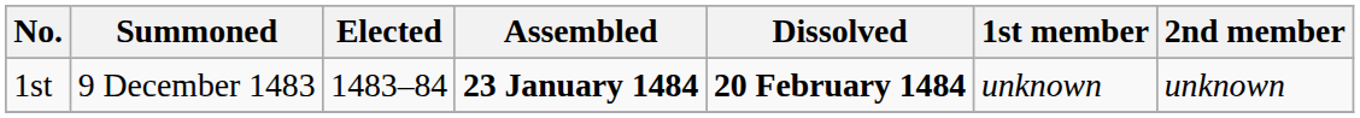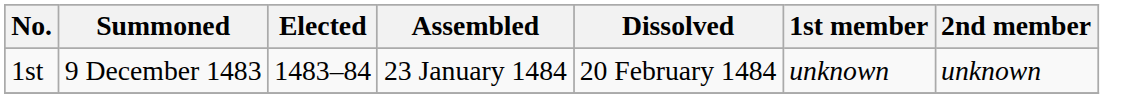 <table class="wikitable">
 <tr>
 <th>No.</th>
 <th>Summoned</th>
 <th>Elected</th>
 <th>Assembled</th>
 <th>Dissolved</th>
 <th>1st member</th>
 <th>2nd member</th>
 </tr>
 <tr>
 <td>1st</td>
 <td>9 December 1483</td>
 <td>1483–84</td>
-<td><strong>23 January 1484</strong></td>
-<td><strong>20 February 1484</strong></td>
+<td>23 January 1484</td>
+<td>20 February 1484</td>
 <td><em>unknown</em></td>
 <td><em>unknown</em></td>
 </tr>
 <tr>
 </tr>
 </table>
